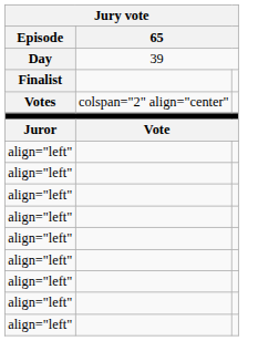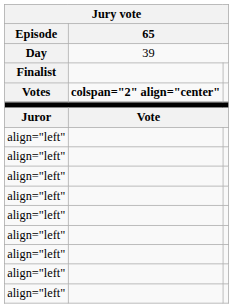 <table class="wikitable" style="text-align:center;">
 <tr>
 <th colspan="4">Jury vote</th>
 </tr>
 <tr>
 <th align="left">Episode</th>
 <th colspan="2">65</th>
 </tr>
 <tr>
 <th align="left">Day</th>
 <td colspan="2">39</td>
 </tr>
 <tr>
 <th align="left">Finalist</th>
 <td></td>
 <td></td>
 </tr>
 <tr>
 <th align="left">Votes</th>
-<td>colspan="2" align="center" </td>
+<td><strong>colspan="2" align="center" </strong></td>
 </tr>
 <tr>
 <td colspan="3" bgcolor="black"></td>
 </tr>
 <tr>
 <th>Juror</th>
 <th colspan="2">Vote</th>
 </tr>
 <tr>
 <td>align="left" </td>
 <td></td>
 <td></td>
 </tr>
 <tr>
 <td>align="left" </td>
 <td></td>
 <td></td>
 </tr>
 <tr>
 <td>align="left" </td>
 <td></td>
 <td></td>
 </tr>
 <tr>
 <td>align="left" </td>
 <td></td>
 <td></td>
 </tr>
 <tr>
 <td>align="left" </td>
 <td></td>
 <td></td>
 </tr>
 <tr>
 <td>align="left" </td>
 <td></td>
 <td></td>
 </tr>
 <tr>
 <td>align="left" </td>
 <td></td>
 <td></td>
 </tr>
 <tr>
 <td>align="left" </td>
 <td></td>
 <td></td>
 </tr>
 <tr>
 <td>align="left" </td>
 <td></td>
 <td></td>
 </tr>
 </table>
